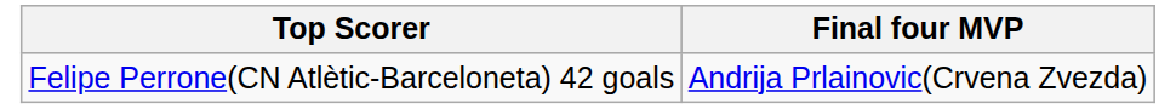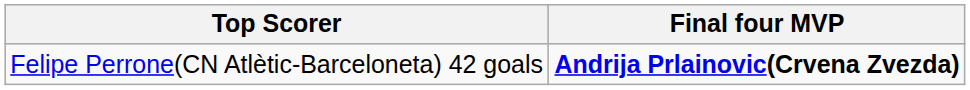 <table class=wikitable style="text-align:left; margin:auto">
 <tr>
 <th>Top Scorer</th>
 <th>Final four MVP</th>
 </tr>
 <tr>
 <td> <a href='#'>Felipe Perrone</a>(CN Atlètic-Barceloneta) 42 goals</td>
-<td> <a href='#'>Andrija Prlainovic</a>(Crvena Zvezda)</td>
+<td><strong> <a href='#'>Andrija Prlainovic</a>(Crvena Zvezda)</strong></td>
 </tr>
 </table>
